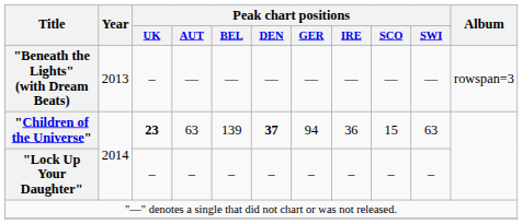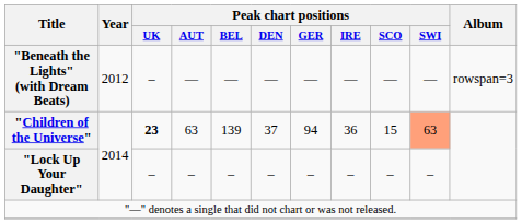 <table class="wikitable plainrowheaders" style="text-align:center;">
 <tr>
 <th scope="col" rowspan="2">Title</th>
 <th scope="col" rowspan="2">Year</th>
 <th scope="col" colspan="8">Peak chart positions</th>
 <th scope="col" rowspan="2">Album</th>
 </tr>
 <tr>
 <th scope="col" style="width:3em;font-size:85%;"><a href='#'>UK</a><br></th>
 <th scope="col" style="width:3em;font-size:85%;"><a href='#'>AUT</a><br></th>
 <th scope="col" style="width:3em;font-size:85%;"><a href='#'>BEL</a><br></th>
 <th scope="col" style="width:3em;font-size:85%;"><a href='#'>DEN</a><br></th>
 <th scope="col" style="width:3em;font-size:85%;"><a href='#'>GER</a><br></th>
 <th scope="col" style="width:3em;font-size:85%;"><a href='#'>IRE</a><br></th>
 <th scope="col" style="width:3em;font-size:85%;"><a href='#'>SCO</a><br></th>
 <th scope="col" style="width:3em;font-size:85%;"><a href='#'>SWI</a><br></th>
 </tr>
 <tr>
 <th scope="row">"Beneath the Lights"<br><span>(with Dream Beats)</span></th>
-<td>2013</td>
+<td>2012</td>
 <td>–</td>
 <td>—</td>
 <td>—</td>
 <td>—</td>
 <td>—</td>
 <td>—</td>
 <td>—</td>
 <td>—</td>
 <td>rowspan=3 </td>
 </tr>
 <tr>
 <th scope="row">"<a href='#'>Children of the Universe</a>"</th>
 <td rowspan="2">2014</td>
 <td><strong>23</strong></td>
 <td>63</td>
 <td>139</td>
-<td><strong>37</strong></td>
+<td>37</td>
 <td>94</td>
 <td>36</td>
 <td>15</td>
-<td>63</td>
+<td style="background: lightsalmon;">63</td>
 </tr>
 <tr>
 <th scope="row">"Lock Up Your Daughter"</th>
 <td>–</td>
 <td>–</td>
 <td>–</td>
 <td>–</td>
 <td>–</td>
 <td>–</td>
 <td>–</td>
 <td>–</td>
 </tr>
 <tr>
 <td colspan="18" style="font-size:85%">"—" denotes a single that did not chart or was not released.</td>
 </tr>
 <tr>
 </tr>
 </table>
